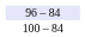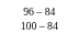 <table style="text-align:center;">
 <tr>
 <th width=200></th>
 <th width=100></th>
 <th width=200></th>
 <th></th>
 </tr>
 <tr>
 <td align=right><strong></strong></td>
-<td style="background: lavender;">96 – 84</td>
+<td>96 – 84</td>
 <td align=left></td>
 </tr>
 <tr>
 <td align=right><strong></strong></td>
 <td>100 – 84</td>
 <td align=left></td>
 </tr>
 </table>
